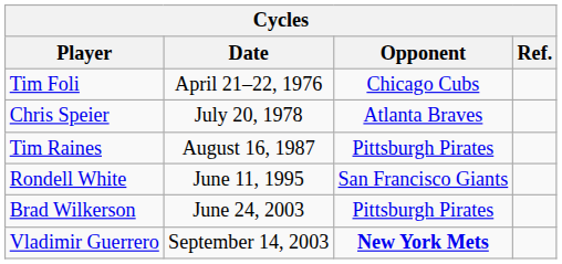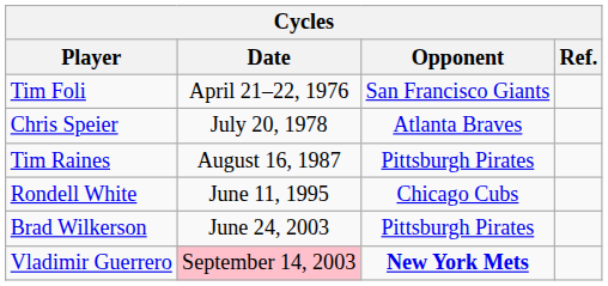 <table class="wikitable" style="text-align:center">
 <tr>
 <th colspan=5>Cycles</th>
 </tr>
 <tr>
 <th align="left">Player</th>
 <th>Date</th>
 <th>Opponent</th>
 <th>Ref.</th>
 </tr>
 <tr>
 <td align="left"><a href='#'>Tim Foli</a></td>
 <td>April 21–22, 1976</td>
-<td><a href='#'>Chicago Cubs</a></td>
+<td><a href='#'>San Francisco Giants</a></td>
 <td></td>
 </tr>
 <tr>
 <td align="left"><a href='#'>Chris Speier</a></td>
 <td>July 20, 1978</td>
 <td><a href='#'>Atlanta Braves</a></td>
 <td></td>
 </tr>
 <tr>
 <td align="left"><a href='#'>Tim Raines</a></td>
 <td>August 16, 1987</td>
 <td><a href='#'>Pittsburgh Pirates</a></td>
 <td></td>
 </tr>
 <tr>
 <td align="left"><a href='#'>Rondell White</a></td>
 <td>June 11, 1995</td>
-<td><a href='#'>San Francisco Giants</a></td>
+<td><a href='#'>Chicago Cubs</a></td>
 <td></td>
 </tr>
 <tr>
 <td align="left"><a href='#'>Brad Wilkerson</a></td>
 <td>June 24, 2003</td>
 <td><a href='#'>Pittsburgh Pirates</a></td>
 <td></td>
 </tr>
 <tr>
 <td align="left"><a href='#'>Vladimir Guerrero</a></td>
-<td>September 14, 2003</td>
+<td style="background: pink;">September 14, 2003</td>
 <td><strong><a href='#'>New York Mets</a></strong></td>
 <td></td>
 </tr>
 </table>
